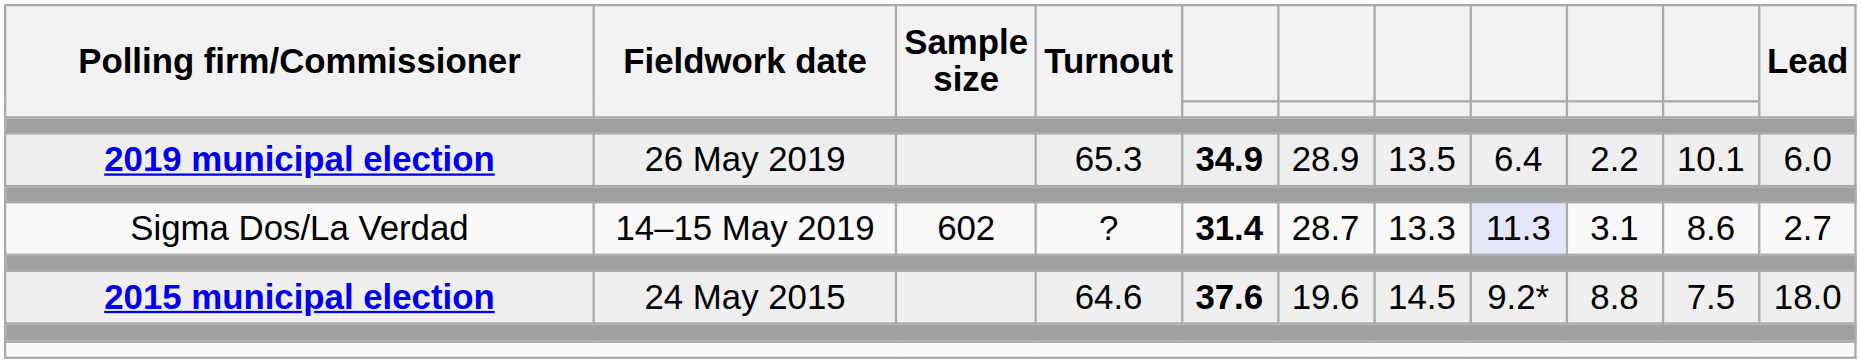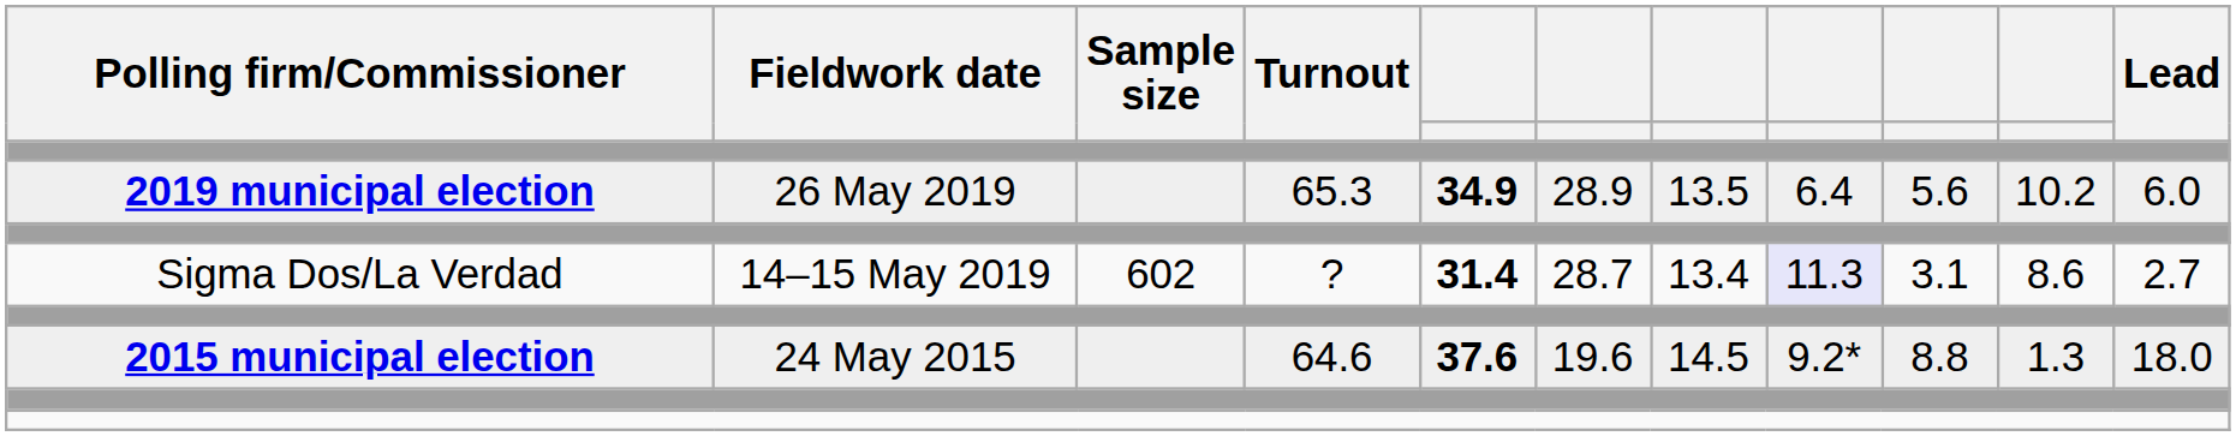 <table class="wikitable collapsible collapsed" style="text-align:center; font-size:95%; line-height:16px;">
 <tr style="height:42px;">
 <th style="width:250px;" rowspan="2">Polling firm/Commissioner</th>
 <th style="width:125px;" rowspan="2">Fieldwork date</th>
 <th style="width:50px;" rowspan="2">Sample size</th>
 <th style="width:45px;" rowspan="2">Turnout</th>
 <th style="width:35px;"></th>
 <th style="width:35px;"></th>
 <th style="width:35px;"></th>
 <th style="width:35px;"></th>
 <th style="width:35px;"></th>
 <th style="width:35px;"></th>
 <th style="width:30px;" rowspan="2">Lead</th>
 </tr>
 <tr>
 <th style="color:inherit;background:"></th>
 <th style="color:inherit;background:"></th>
 <th style="color:inherit;background:"></th>
 <th style="color:inherit;background:"></th>
 <th style="color:inherit;background:"></th>
 <th style="color:inherit;background:"></th>
 </tr>
 <tr>
 <td colspan="11" style="background:#A0A0A0"></td>
 </tr>
 <tr style="background:#EFEFEF;">
 <td><strong><a href='#'>2019 municipal election</a></strong></td>
 <td>26 May 2019</td>
 <td></td>
 <td>65.3</td>
 <td><strong>34.9</strong><br></td>
 <td>28.9<br></td>
 <td>13.5<br></td>
 <td>6.4<br></td>
-<td>2.2<br></td>
-<td>10.1<br></td>
+<td>5.6<br></td>
+<td>10.2<br></td>
 <td style="background:">6.0</td>
 </tr>
 <tr>
 <td colspan="11" style="background:#A0A0A0"></td>
 </tr>
 <tr>
 <td>Sigma Dos/La Verdad</td>
 <td>14–15 May 2019</td>
 <td>602</td>
 <td>?</td>
 <td><strong>31.4</strong><br></td>
 <td>28.7<br></td>
-<td>13.3<br></td>
+<td>13.4<br></td>
 <td style="background: lavender;">11.3<br></td>
 <td>3.1<br></td>
 <td>8.6<br></td>
 <td style="background:">2.7</td>
 </tr>
 <tr>
 <td colspan="11" style="background:#A0A0A0"></td>
 </tr>
 <tr style="background:#EFEFEF;">
 <td><strong><a href='#'>2015 municipal election</a></strong></td>
 <td>24 May 2015</td>
 <td></td>
 <td>64.6</td>
 <td><strong>37.6</strong><br></td>
 <td>19.6<br></td>
 <td>14.5<br></td>
 <td>9.2*<br></td>
 <td>8.8<br></td>
-<td>7.5<br></td>
+<td>1.3<br></td>
 <td style="background:">18.0</td>
 </tr>
 <tr>
 <td colspan="11" style="background:#A0A0A0"></td>
 </tr>
 <tr>
 <td align="left" colspan="11"></td>
 </tr>
 </table>
